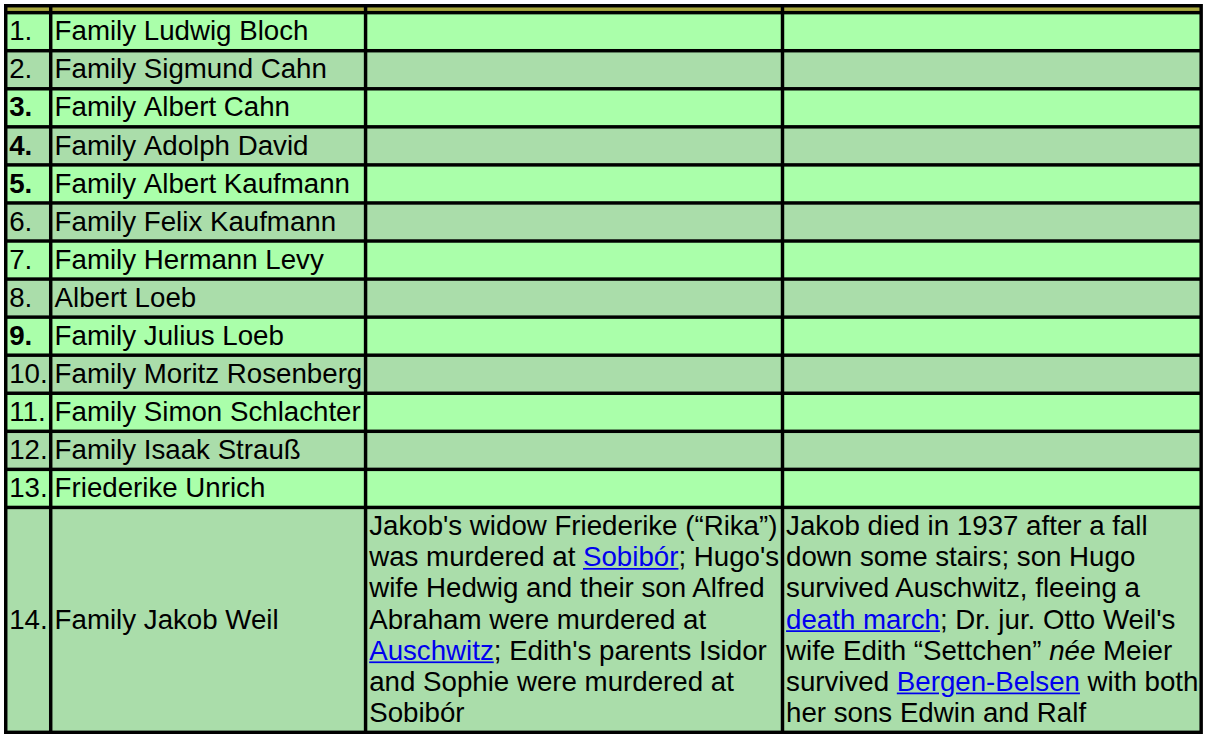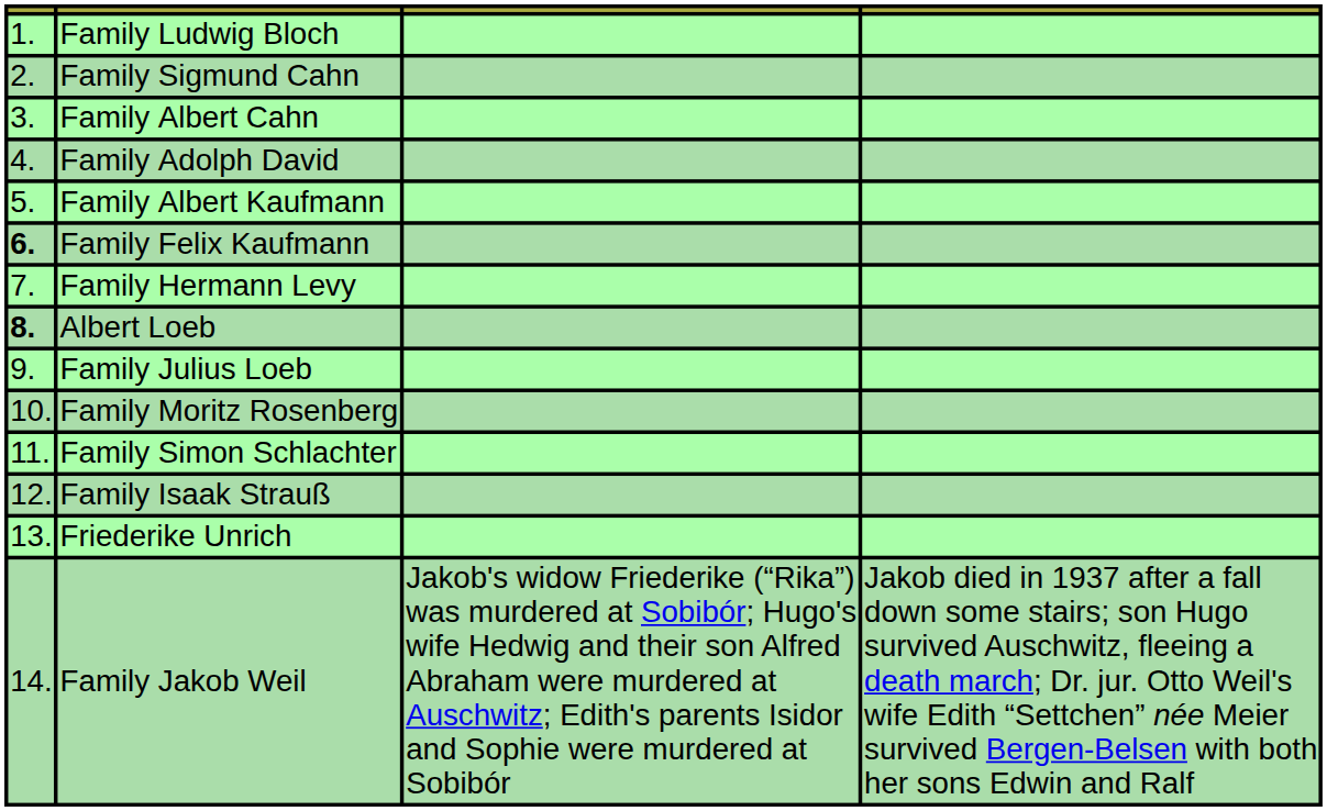 <table style="background:black; color:black">
 <tr>
 <td bgcolor="aaaa40"></td>
 <td bgcolor="aaaa40"></td>
 <td bgcolor="aaaa40"></td>
 <td bgcolor="aaaa40"></td>
 </tr>
 <tr>
 <td bgcolor="aaffaa">1.</td>
 <td bgcolor="aaffaa">Family Ludwig Bloch</td>
 <td bgcolor="aaffaa"></td>
 <td bgcolor="aaffaa"></td>
 </tr>
 <tr>
 <td bgcolor="aaddaa">2.</td>
 <td bgcolor="aaddaa">Family Sigmund Cahn</td>
 <td bgcolor="aaddaa"></td>
 <td bgcolor="aaddaa"></td>
 </tr>
 <tr>
-<td bgcolor="aaffaa"><strong>3.</strong></td>
+<td bgcolor="aaffaa">3.</td>
 <td bgcolor="aaffaa">Family Albert Cahn</td>
 <td bgcolor="aaffaa"></td>
 <td bgcolor="aaffaa"></td>
 </tr>
 <tr>
-<td bgcolor="aaddaa"><strong>4.</strong></td>
+<td bgcolor="aaddaa">4.</td>
 <td bgcolor="aaddaa">Family Adolph David</td>
 <td bgcolor="aaddaa"></td>
 <td bgcolor="aaddaa"></td>
 </tr>
 <tr>
-<td bgcolor="aaffaa"><strong>5.</strong></td>
+<td bgcolor="aaffaa">5.</td>
 <td bgcolor="aaffaa">Family Albert Kaufmann</td>
 <td bgcolor="aaffaa"></td>
 <td bgcolor="aaffaa"></td>
 </tr>
 <tr>
-<td bgcolor="aaddaa">6.</td>
+<td bgcolor="aaddaa"><strong>6.</strong></td>
 <td bgcolor="aaddaa">Family Felix Kaufmann</td>
 <td bgcolor="aaddaa"></td>
 <td bgcolor="aaddaa"></td>
 </tr>
 <tr>
 <td bgcolor="aaffaa">7.</td>
 <td bgcolor="aaffaa">Family Hermann Levy</td>
 <td bgcolor="aaffaa"></td>
 <td bgcolor="aaffaa"></td>
 </tr>
 <tr>
-<td bgcolor="aaddaa">8.</td>
+<td bgcolor="aaddaa"><strong>8.</strong></td>
 <td bgcolor="aaddaa">Albert Loeb</td>
 <td bgcolor="aaddaa"></td>
 <td bgcolor="aaddaa"></td>
 </tr>
 <tr>
-<td bgcolor="aaffaa"><strong>9.</strong></td>
+<td bgcolor="aaffaa">9.</td>
 <td bgcolor="aaffaa">Family Julius Loeb</td>
 <td bgcolor="aaffaa"></td>
 <td bgcolor="aaffaa"></td>
 </tr>
 <tr>
 <td bgcolor="aaddaa">10.</td>
 <td bgcolor="aaddaa">Family Moritz Rosenberg</td>
 <td bgcolor="aaddaa"></td>
 <td bgcolor="aaddaa"></td>
 </tr>
 <tr>
 <td bgcolor="aaffaa">11.</td>
 <td bgcolor="aaffaa">Family Simon Schlachter</td>
 <td bgcolor="aaffaa"></td>
 <td bgcolor="aaffaa"></td>
 </tr>
 <tr>
 <td bgcolor="aaddaa">12.</td>
 <td bgcolor="aaddaa">Family Isaak Strauß</td>
 <td bgcolor="aaddaa"></td>
 <td bgcolor="aaddaa"></td>
 </tr>
 <tr>
 <td bgcolor="aaffaa">13.</td>
 <td bgcolor="aaffaa">Friederike Unrich</td>
 <td bgcolor="aaffaa"></td>
 <td bgcolor="aaffaa"></td>
 </tr>
 <tr>
 <td bgcolor="aaddaa">14.</td>
 <td bgcolor="aaddaa">Family Jakob Weil</td>
 <td bgcolor="aaddaa">Jakob's widow Friederike (“Rika”)<br>was murdered at <a href='#'>Sobibór</a>; Hugo's<br>wife Hedwig and their son Alfred<br>Abraham were murdered at<br><a href='#'>Auschwitz</a>; Edith's parents Isidor<br>and Sophie were murdered at<br>Sobibór</td>
 <td bgcolor="aaddaa">Jakob died in 1937 after a fall<br>down some stairs; son Hugo<br>survived Auschwitz, fleeing a<br><a href='#'>death march</a>; Dr. jur. Otto Weil's<br>wife Edith “Settchen” <em>née</em> Meier<br>survived <a href='#'>Bergen-Belsen</a> with both<br>her sons Edwin and Ralf</td>
 </tr>
 </table>
